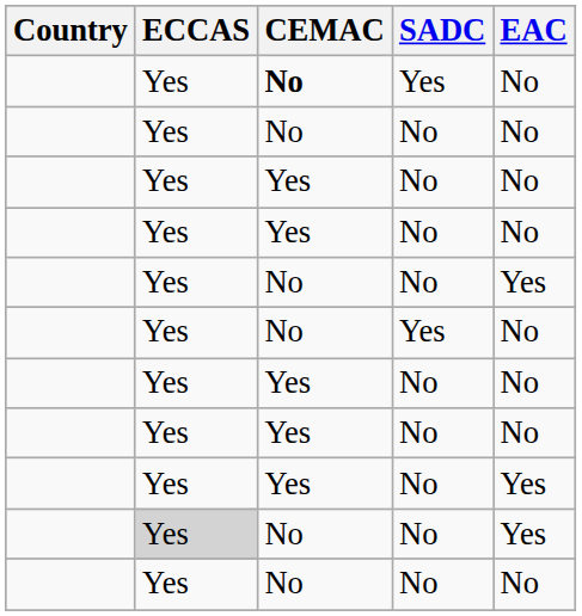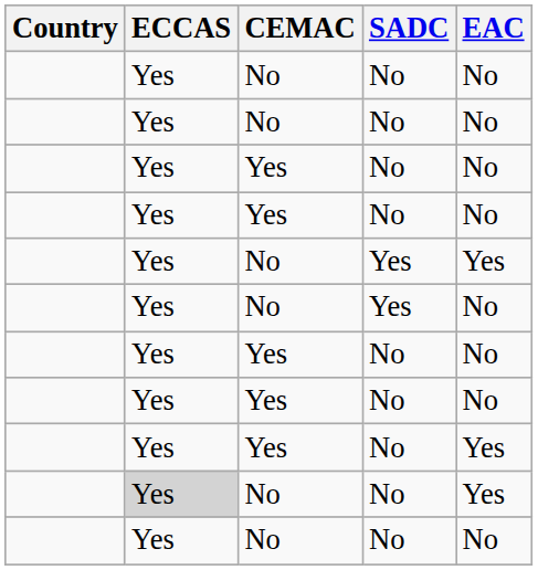 <table class="wikitable">
 <tr>
 <th>Country</th>
 <th>ECCAS</th>
 <th>CEMAC</th>
 <th><a href='#'>SADC</a></th>
 <th><a href='#'>EAC</a></th>
 </tr>
 <tr>
 <td></td>
 <td>Yes</td>
-<td><strong>No</strong></td>
-<td>Yes</td>
+<td>No</td>
+<td>No</td>
 <td>No</td>
 </tr>
 <tr>
 <td></td>
 <td>Yes</td>
 <td>No</td>
 <td>No</td>
 <td>No</td>
 </tr>
 <tr>
 <td></td>
 <td>Yes</td>
 <td>Yes</td>
 <td>No</td>
 <td>No</td>
 </tr>
 <tr>
 <td></td>
 <td>Yes</td>
 <td>Yes</td>
 <td>No</td>
 <td>No</td>
 </tr>
 <tr>
 <td></td>
 <td>Yes</td>
 <td>No</td>
-<td>No</td>
+<td>Yes</td>
 <td>Yes</td>
 </tr>
 <tr>
 <td></td>
 <td>Yes</td>
 <td>No</td>
 <td>Yes</td>
 <td>No</td>
 </tr>
 <tr>
 <td></td>
 <td>Yes</td>
 <td>Yes</td>
 <td>No</td>
 <td>No</td>
 </tr>
 <tr>
 <td></td>
 <td>Yes</td>
 <td>Yes</td>
 <td>No</td>
 <td>No</td>
 </tr>
 <tr>
 <td></td>
 <td>Yes</td>
 <td>Yes</td>
 <td>No</td>
 <td>Yes</td>
 </tr>
 <tr>
 <td></td>
 <td style="background: lightgrey;">Yes</td>
 <td>No</td>
 <td>No</td>
 <td>Yes</td>
 </tr>
 <tr>
 <td></td>
 <td>Yes</td>
 <td>No</td>
 <td>No</td>
 <td>No</td>
 </tr>
 </table>
